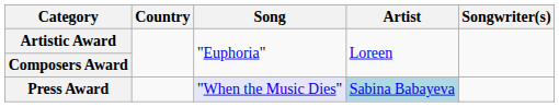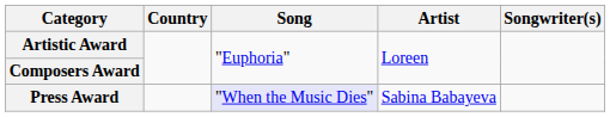 <table class="wikitable plainrowheaders">
 <tr>
 <th scope="col">Category</th>
 <th scope="col">Country</th>
 <th scope="col">Song</th>
 <th scope="col">Artist</th>
 <th scope="col">Songwriter(s)</th>
 </tr>
 <tr>
 <th scope="row">Artistic Award</th>
 <td rowspan="2"></td>
 <td rowspan="2">"<a href='#'>Euphoria</a>"</td>
 <td rowspan="2"><a href='#'>Loreen</a></td>
 <td rowspan="2"></td>
 </tr>
 <tr>
 <th scope="row">Composers Award</th>
 </tr>
 <tr>
 <th scope="row">Press Award</th>
 <td></td>
 <td style="background: lavender;">"<a href='#'>When the Music Dies</a>"</td>
-<td style="background: lightblue;"><a href='#'>Sabina Babayeva</a></td>
+<td><a href='#'>Sabina Babayeva</a></td>
 <td></td>
 </tr>
 </table>
